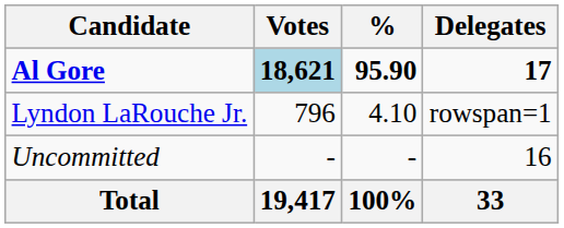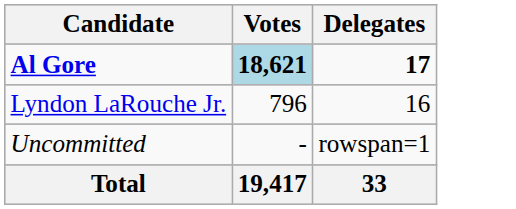 <table class="wikitable sortable" style="text-align:right;">
 <tr>
 <th>Candidate</th>
 <th>Votes</th>
-<th>%</th>
 <th>Delegates</th>
 </tr>
 <tr>
 <td style="text-align:left;" data-sort-value="Gore, Al"><strong><a href='#'>Al Gore</a></strong></td>
 <td style="background: lightblue;"><strong>18,621</strong></td>
-<td><strong>95.90</strong></td>
 <td><strong>17</strong></td>
 </tr>
 <tr>
 <td style="text-align:left;" data-sort-value="LaRouche Jr., Lyndon"><a href='#'>Lyndon LaRouche Jr.</a></td>
 <td>796</td>
-<td>4.10</td>
-<td>rowspan=1 </td>
+<td>16</td>
 </tr>
 <tr>
 <td style="text-align:left;" data-sort-value="ZZZ"><em>Uncommitted</em></td>
 <td>-</td>
-<td>-</td>
-<td>16</td>
+<td>rowspan=1 </td>
 </tr>
 <tr>
 <th>Total</th>
 <th>19,417</th>
-<th>100%</th>
 <th>33</th>
 </tr>
 </table>
